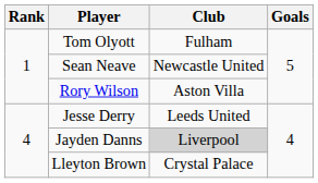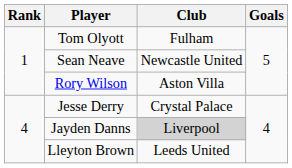 <table class="wikitable" style="text-align:center">
 <tr>
 <th>Rank</th>
 <th>Player</th>
 <th>Club</th>
 <th>Goals</th>
 </tr>
 <tr>
 <td rowspan=3>1</td>
 <td>Tom Olyott</td>
 <td>Fulham</td>
 <td rowspan=3>5</td>
 </tr>
 <tr>
 <td>Sean Neave</td>
 <td>Newcastle United</td>
 </tr>
 <tr>
 <td><a href='#'>Rory Wilson</a></td>
 <td>Aston Villa</td>
 </tr>
 <tr>
 <td rowspan=3>4</td>
 <td>Jesse Derry</td>
-<td>Leeds United</td>
+<td>Crystal Palace</td>
 <td rowspan=3>4</td>
 </tr>
 <tr>
 <td>Jayden Danns</td>
 <td style="background: lightgrey;">Liverpool</td>
 </tr>
 <tr>
 <td>Lleyton Brown</td>
-<td>Crystal Palace</td>
+<td>Leeds United</td>
 </tr>
 </table>
